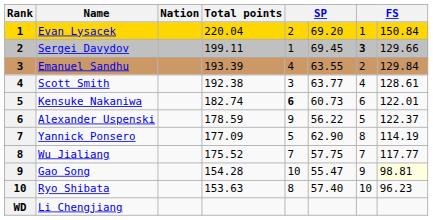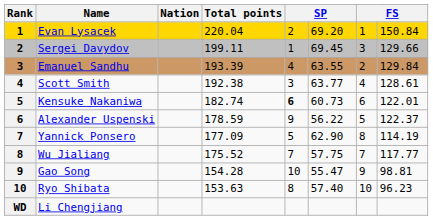 <table class="wikitable">
 <tr>
 <th>Rank</th>
 <th>Name</th>
 <th>Nation</th>
 <th>Total points</th>
 <th colspan="2" width="80px"><a href='#'>SP</a></th>
 <th colspan="2" width="80px"><a href='#'>FS</a></th>
 </tr>
 <tr bgcolor="gold">
 <td align="center"><strong>1</strong></td>
 <td><a href='#'>Evan Lysacek</a></td>
 <td></td>
 <td>220.04</td>
 <td>2</td>
 <td>69.20</td>
 <td>1</td>
 <td>150.84</td>
 </tr>
 <tr bgcolor="silver">
 <td align="center"><strong>2</strong></td>
 <td><a href='#'>Sergei Davydov</a></td>
 <td></td>
 <td>199.11</td>
 <td>1</td>
 <td>69.45</td>
-<td><strong>3</strong></td>
+<td>3</td>
 <td>129.66</td>
 </tr>
 <tr bgcolor="cc9966">
 <td align="center"><strong>3</strong></td>
 <td><a href='#'>Emanuel Sandhu</a></td>
 <td></td>
 <td>193.39</td>
 <td>4</td>
 <td>63.55</td>
 <td>2</td>
 <td>129.84</td>
 </tr>
 <tr>
 <th>4</th>
 <td><a href='#'>Scott Smith</a></td>
 <td></td>
 <td>192.38</td>
 <td>3</td>
 <td>63.77</td>
 <td>4</td>
 <td>128.61</td>
 </tr>
 <tr>
 <th>5</th>
 <td><a href='#'>Kensuke Nakaniwa</a></td>
 <td></td>
 <td>182.74</td>
 <td><strong>6</strong></td>
 <td>60.73</td>
 <td>6</td>
 <td>122.01</td>
 </tr>
 <tr>
 <th>6</th>
 <td><a href='#'>Alexander Uspenski</a></td>
 <td></td>
 <td>178.59</td>
 <td>9</td>
 <td>56.22</td>
 <td>5</td>
 <td>122.37</td>
 </tr>
 <tr>
 <th>7</th>
 <td><a href='#'>Yannick Ponsero</a></td>
 <td></td>
 <td>177.09</td>
 <td>5</td>
 <td>62.90</td>
 <td>8</td>
 <td>114.19</td>
 </tr>
 <tr>
 <th>8</th>
 <td><a href='#'>Wu Jialiang</a></td>
 <td></td>
 <td>175.52</td>
 <td>7</td>
 <td>57.75</td>
 <td>7</td>
 <td>117.77</td>
 </tr>
 <tr>
 <th>9</th>
 <td><a href='#'>Gao Song</a></td>
 <td></td>
 <td>154.28</td>
 <td>10</td>
 <td>55.47</td>
 <td>9</td>
-<td style="background: lightyellow;">98.81</td>
+<td>98.81</td>
 </tr>
 <tr>
 <th>10</th>
 <td><a href='#'>Ryo Shibata</a></td>
 <td></td>
 <td>153.63</td>
 <td>8</td>
 <td>57.40</td>
 <td>10</td>
 <td>96.23</td>
 </tr>
 <tr>
 <th>WD</th>
 <td><a href='#'>Li Chengjiang</a></td>
 <td></td>
 <td></td>
 <td></td>
 <td></td>
 <td></td>
 <td></td>
 </tr>
 </table>
